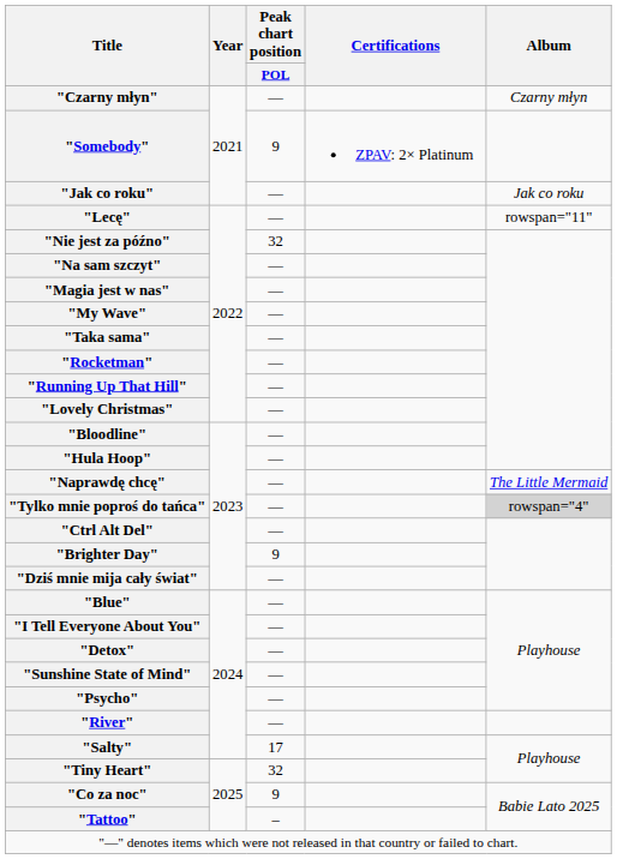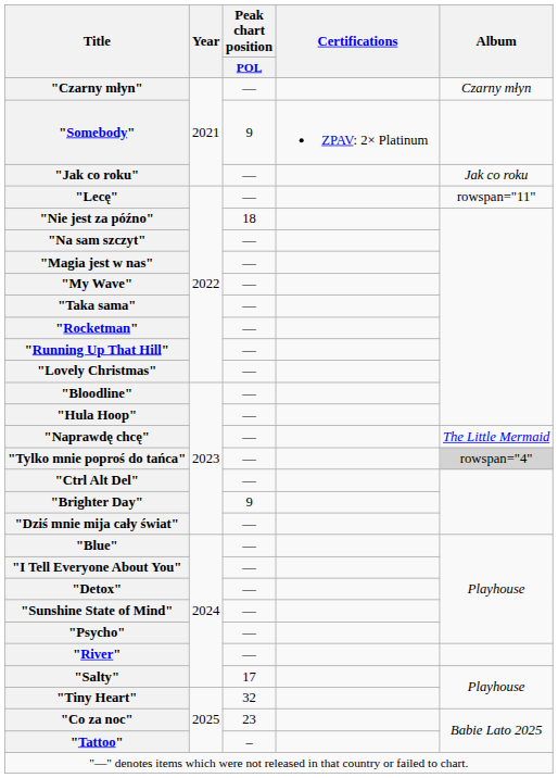 <table class="wikitable plainrowheaders" style="text-align:center;">
 <tr>
 <th scope="col" rowspan="2">Title</th>
 <th scope="col" rowspan="2">Year</th>
 <th>Peak chart position</th>
 <th scope="col" rowspan="2" style="width:11.5em;"><a href='#'>Certifications</a></th>
 <th scope="col" rowspan="2">Album</th>
 </tr>
 <tr>
 <th scope="col" style="width:3em;font-size:90%;"><a href='#'>POL</a><br></th>
 </tr>
 <tr>
 <th scope="row">"Czarny młyn"<br></th>
 <td rowspan="3">2021</td>
 <td>—</td>
 <td></td>
 <td><em>Czarny młyn</em></td>
 </tr>
 <tr>
 <th scope="row">"<a href='#'>Somebody</a>"</th>
 <td>9</td>
 <td><br><ul><li><a href='#'>ZPAV</a>: 2× Platinum</li></ul></td>
 <td></td>
 </tr>
 <tr>
 <th scope="row">"Jak co roku"</th>
 <td>—</td>
 <td></td>
 <td><em>Jak co roku</em></td>
 </tr>
 <tr>
 <th scope="row">"Lecę"<br></th>
 <td rowspan="9">2022</td>
 <td>—</td>
 <td></td>
 <td>rowspan="11" </td>
 </tr>
 <tr>
 <th scope="row">"Nie jest za późno"</th>
-<td>32</td>
+<td>18</td>
 <td></td>
 </tr>
 <tr>
 <th scope="row">"Na sam szczyt"</th>
 <td>—</td>
 <td></td>
 </tr>
 <tr>
 <th scope="row">"Magia jest w nas"</th>
 <td>—</td>
 <td></td>
 </tr>
 <tr>
 <th scope="row">"My Wave"</th>
 <td>—</td>
 <td></td>
 </tr>
 <tr>
 <th scope="row">"Taka sama"</th>
 <td>—</td>
 <td></td>
 </tr>
 <tr>
 <th scope="row">"<a href='#'>Rocketman</a>"</th>
 <td>—</td>
 <td></td>
 </tr>
 <tr>
 <th scope="row">"<a href='#'>Running Up That Hill</a>"</th>
 <td>—</td>
 <td></td>
 </tr>
 <tr>
 <th scope="row">"Lovely Christmas"</th>
 <td>—</td>
 <td></td>
 </tr>
 <tr>
 <th scope="row">"Bloodline"</th>
 <td rowspan="7">2023</td>
 <td>—</td>
 <td></td>
 </tr>
 <tr>
 <th scope="row">"Hula Hoop"</th>
 <td>—</td>
 <td></td>
 </tr>
 <tr>
 <th scope="row">"Naprawdę chcę"</th>
 <td>—</td>
 <td></td>
 <td><em><a href='#'>The Little Mermaid</a></em><br></td>
 </tr>
 <tr>
 <th scope="row">"Tylko mnie poproś do tańca"<br></th>
 <td>—</td>
 <td></td>
 <td style="background: lightgrey;">rowspan="4" </td>
 </tr>
 <tr>
 <th scope="row">"Ctrl Alt Del"</th>
 <td>—</td>
 <td></td>
 </tr>
 <tr>
 <th scope="row">"Brighter Day"<br></th>
 <td>9</td>
 <td></td>
 </tr>
 <tr>
 <th scope="row">"Dziś mnie mija cały świat"<br></th>
 <td>—</td>
 <td></td>
 </tr>
 <tr>
 <th scope="row">"Blue"</th>
 <td rowspan="7">2024</td>
 <td>—</td>
 <td></td>
 <td rowspan="5"><em>Playhouse</em></td>
 </tr>
 <tr>
 <th scope="row">"I Tell Everyone About You"</th>
 <td>—</td>
 <td></td>
 </tr>
 <tr>
 <th scope="row">"Detox"</th>
 <td>—</td>
 <td></td>
 </tr>
 <tr>
 <th scope="row">"Sunshine State of Mind"</th>
 <td>—</td>
 <td></td>
 </tr>
 <tr>
 <th scope="row">"Psycho"</th>
 <td>—</td>
 <td></td>
 </tr>
 <tr>
 <th scope="row">"<a href='#'>River</a>"</th>
 <td>—</td>
 <td></td>
 <td></td>
 </tr>
 <tr>
 <th scope="row">"Salty"</th>
 <td>17</td>
 <td></td>
 <td rowspan="2"><em>Playhouse</em></td>
 </tr>
 <tr>
 <th scope="row">"Tiny Heart"</th>
 <td rowspan="3">2025</td>
 <td>32</td>
 <td></td>
 </tr>
 <tr>
 <th scope="row">"Co za noc"<br></th>
-<td>9</td>
+<td>23</td>
 <td></td>
 <td rowspan="2"><em>Babie Lato 2025</em></td>
 </tr>
 <tr>
 <th scope="row">"<a href='#'>Tattoo</a>"<br></th>
 <td>–</td>
 <td></td>
 </tr>
 <tr>
 <td colspan="5" style="font-size:90%;">"—" denotes items which were not released in that country or failed to chart.</td>
 </tr>
 </table>
